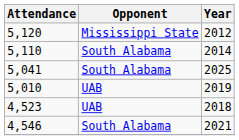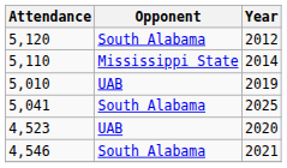 <table class="wikitable">
 <tr>
 <th>Attendance</th>
 <th>Opponent</th>
 <th>Year</th>
 </tr>
 <tr>
 <td>5,120</td>
-<td><a href='#'>Mississippi State</a></td>
+<td><a href='#'>South Alabama</a></td>
 <td>2012</td>
 </tr>
 <tr>
 <td>5,110</td>
-<td><a href='#'>South Alabama</a></td>
+<td><a href='#'>Mississippi State</a></td>
 <td>2014</td>
+</tr>
+<tr>
+<td>5,010</td>
+<td><a href='#'>UAB</a></td>
+<td>2019</td>
 </tr>
 <tr>
 <td>5,041</td>
 <td><a href='#'>South Alabama</a></td>
 <td>2025</td>
 </tr>
 <tr>
-<td>5,010</td>
-<td><a href='#'>UAB</a></td>
-<td>2019</td>
-</tr>
-<tr>
 <td>4,523</td>
 <td><a href='#'>UAB</a></td>
-<td>2018</td>
+<td>2020</td>
 </tr>
 <tr>
 <td>4,546</td>
 <td><a href='#'>South Alabama</a></td>
 <td>2021</td>
 </tr>
 <tr>
 </tr>
 </table>
